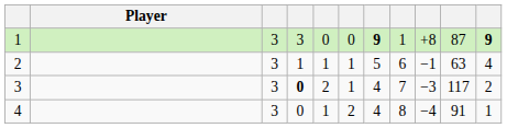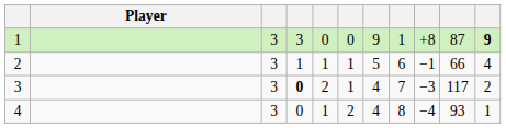 <table class="wikitable" style="text-align:center; margin: 1em auto 1em auto, align:left">
 <tr>
 <th width=20></th>
 <th width=240>Player</th>
 <th width=20></th>
 <th width=20></th>
 <th width=20></th>
 <th width=20></th>
 <th width=20></th>
 <th width=20></th>
 <th width=20></th>
 <th width=30></th>
 <th width=20></th>
 </tr>
 <tr style="background:#D0F0C0;">
 <td>1</td>
 <td align=left></td>
 <td>3</td>
 <td>3</td>
 <td>0</td>
 <td>0</td>
-<td><strong>9</strong></td>
+<td>9</td>
 <td>1</td>
 <td>+8</td>
 <td>87</td>
 <td><strong>9</strong></td>
 </tr>
 <tr style=>
 <td>2</td>
 <td align=left></td>
 <td>3</td>
 <td>1</td>
 <td>1</td>
 <td>1</td>
 <td>5</td>
 <td>6</td>
 <td>−1</td>
-<td>63</td>
+<td>66</td>
 <td>4</td>
 </tr>
 <tr style=>
 <td>3</td>
 <td align=left></td>
 <td>3</td>
 <td><strong>0</strong></td>
 <td>2</td>
 <td>1</td>
 <td>4</td>
 <td>7</td>
 <td>−3</td>
 <td>117</td>
 <td>2</td>
 </tr>
 <tr style=>
 <td>4</td>
 <td align=left></td>
 <td>3</td>
 <td>0</td>
 <td>1</td>
 <td>2</td>
 <td>4</td>
 <td>8</td>
 <td>−4</td>
-<td>91</td>
+<td>93</td>
 <td>1</td>
 </tr>
 </table>
